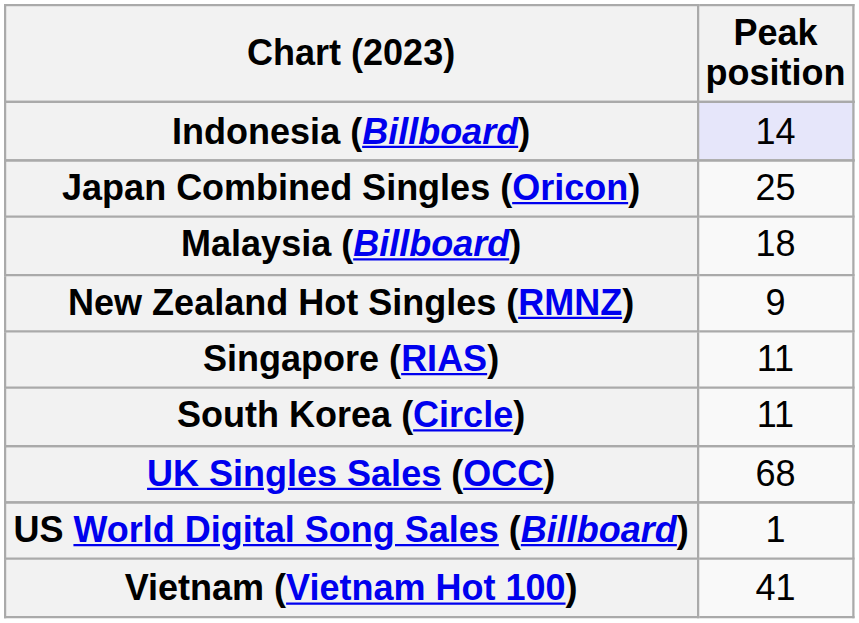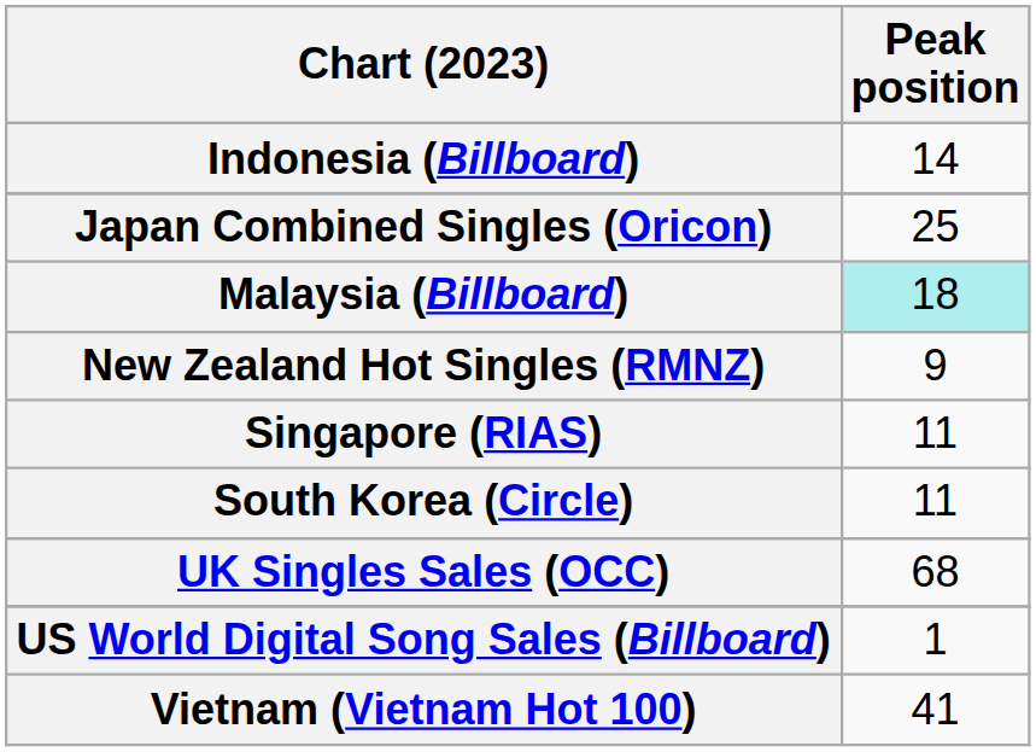 <table class="wikitable sortable plainrowheaders" style="text-align:center">
 <tr>
 <th scope="col">Chart (2023)</th>
 <th scope="col">Peak<br>position</th>
 </tr>
 <tr>
 </tr>
 <tr>
 </tr>
 <tr>
 <th scope="row">Indonesia (<em><a href='#'>Billboard</a></em>)</th>
-<td style="background: lavender;">14</td>
+<td>14</td>
 </tr>
 <tr>
 </tr>
 <tr>
 <th scope="row">Japan Combined Singles (<a href='#'>Oricon</a>)</th>
 <td>25</td>
 </tr>
 <tr>
 <th scope="row">Malaysia (<em><a href='#'>Billboard</a></em>)</th>
-<td>18</td>
+<td style="background: paleturquoise;">18</td>
 </tr>
 <tr>
 <th scope="row">New Zealand Hot Singles (<a href='#'>RMNZ</a>)</th>
 <td>9</td>
 </tr>
 <tr>
 <th scope="row">Singapore (<a href='#'>RIAS</a>)</th>
 <td>11</td>
 </tr>
 <tr>
 <th scope="row">South Korea (<a href='#'>Circle</a>)</th>
 <td>11</td>
 </tr>
 <tr>
 </tr>
 <tr>
 </tr>
 <tr>
 <th scope="row"><a href='#'>UK Singles Sales</a> (<a href='#'>OCC</a>)</th>
 <td>68</td>
 </tr>
 <tr>
 </tr>
 <tr>
 </tr>
 <tr>
 <th scope="row">US <a href='#'>World Digital Song Sales</a> (<em><a href='#'>Billboard</a></em>)</th>
 <td>1</td>
 </tr>
 <tr>
 <th scope="row">Vietnam (<a href='#'>Vietnam Hot 100</a>)</th>
 <td>41</td>
 </tr>
 </table>
